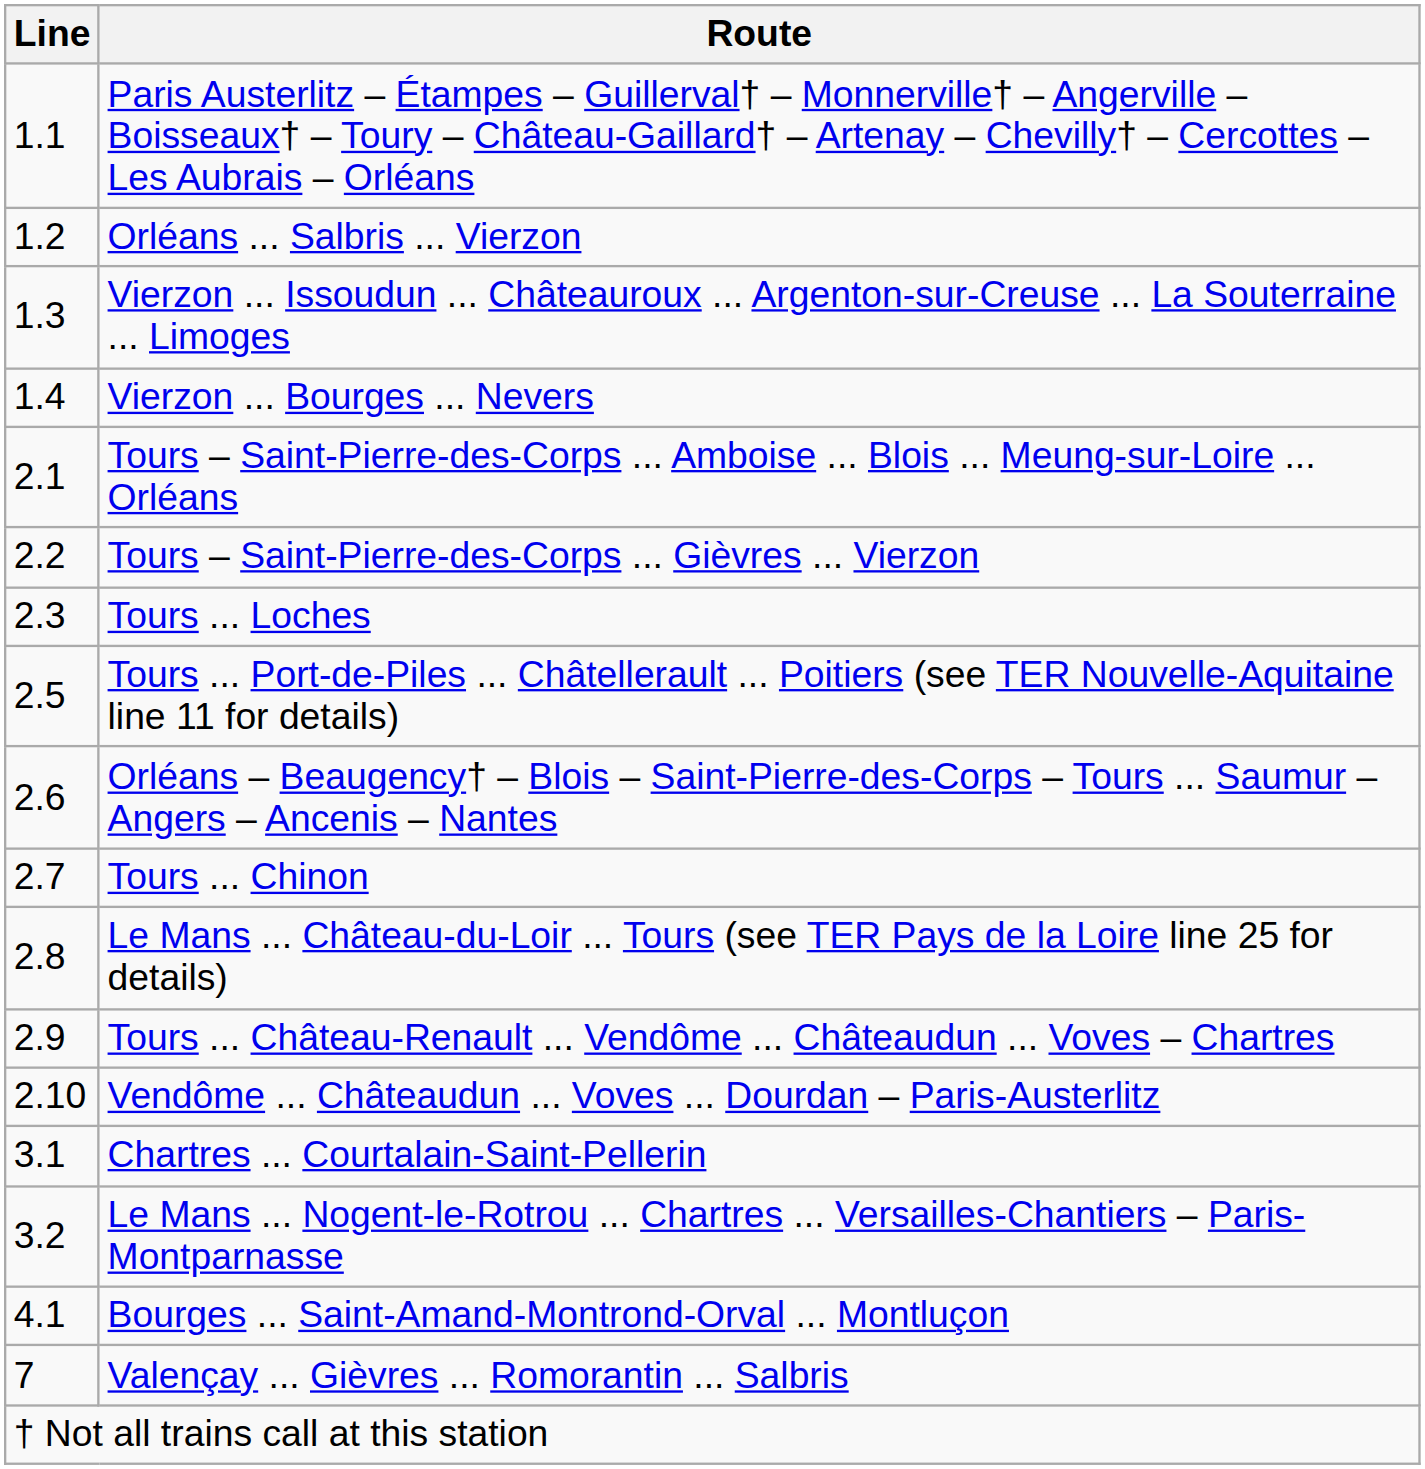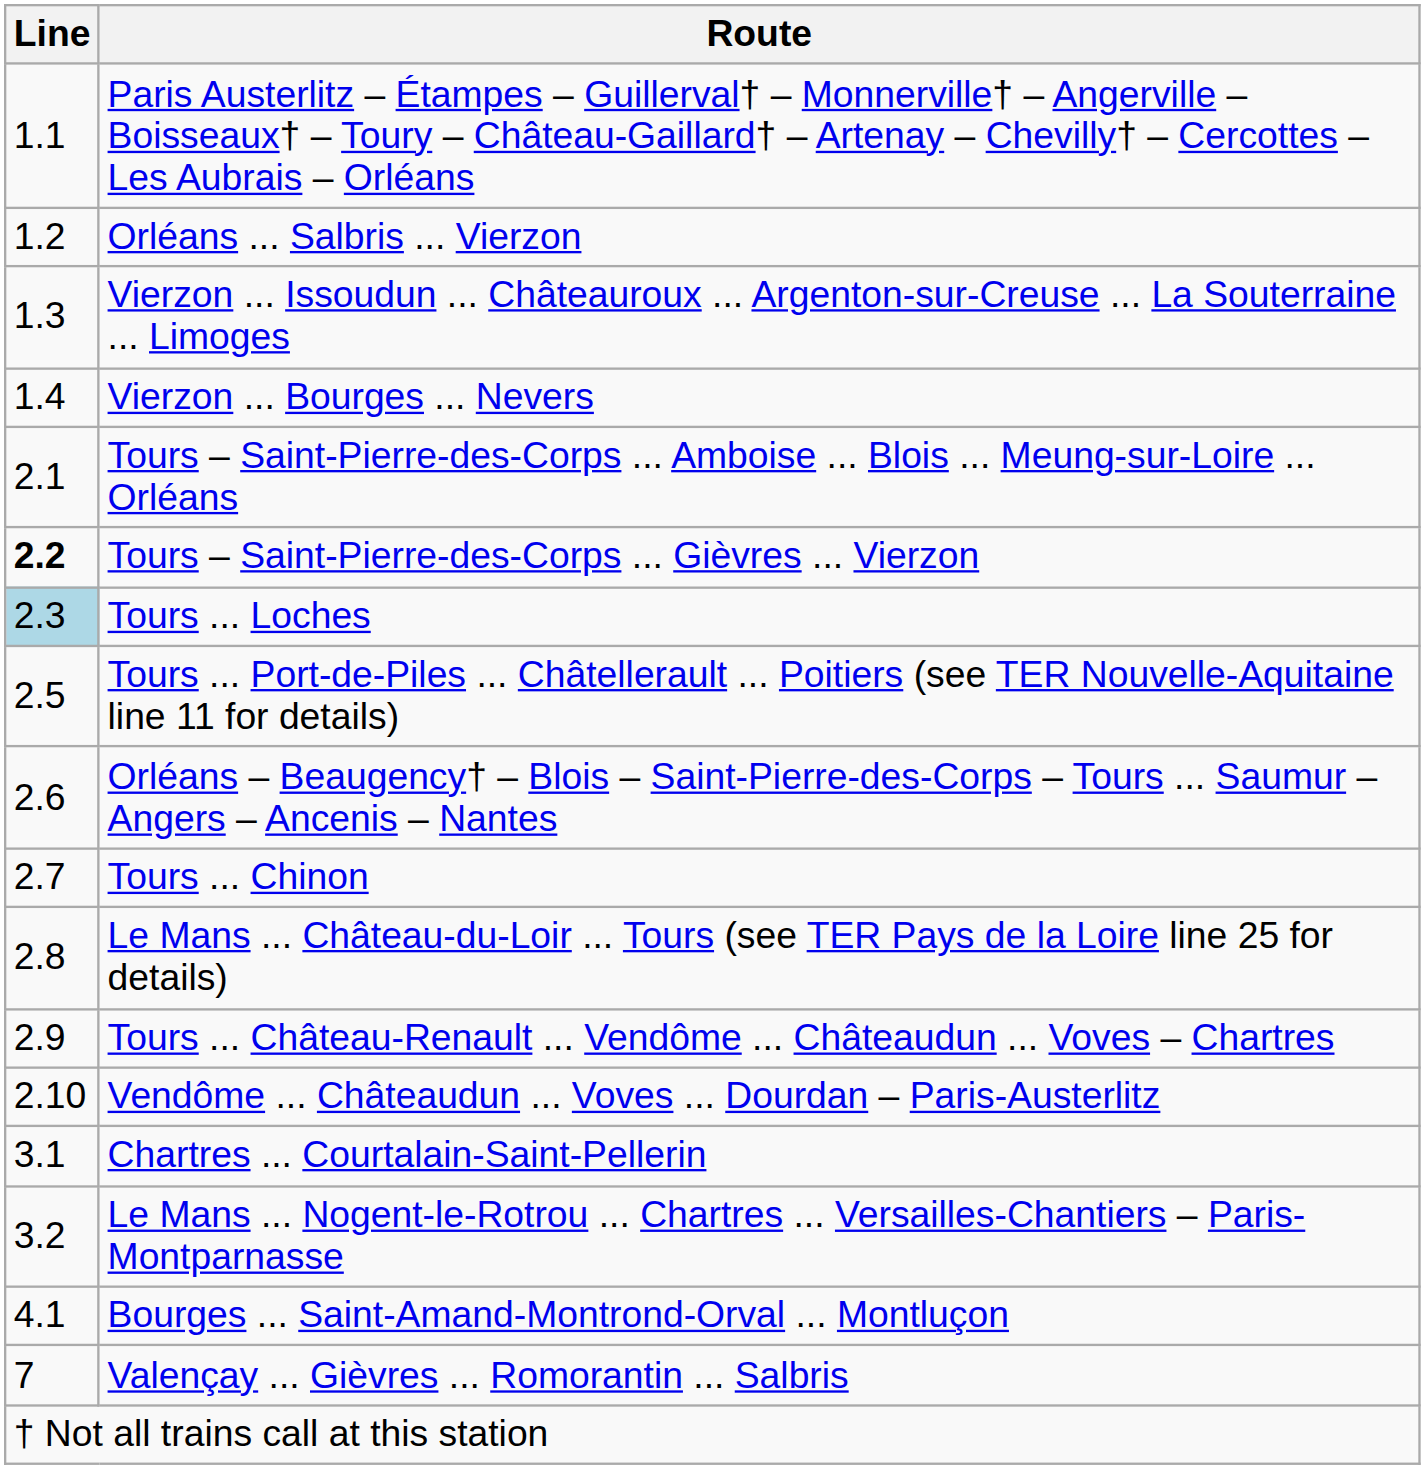 <table class="wikitable vatop">
 <tr>
 <th>Line</th>
 <th>Route</th>
 </tr>
 <tr>
 <td>1.1</td>
 <td><a href='#'>Paris Austerlitz</a> – <a href='#'>Étampes</a> – <a href='#'>Guillerval</a>† – <a href='#'>Monnerville</a>† – <a href='#'>Angerville</a> – <a href='#'>Boisseaux</a>† – <a href='#'>Toury</a> – <a href='#'>Château-Gaillard</a>† – <a href='#'>Artenay</a> – <a href='#'>Chevilly</a>† – <a href='#'>Cercottes</a> – <a href='#'>Les Aubrais</a> – <a href='#'>Orléans</a></td>
 </tr>
 <tr>
 <td>1.2</td>
 <td><a href='#'>Orléans</a> ... <a href='#'>Salbris</a> ... <a href='#'>Vierzon</a></td>
 </tr>
 <tr>
 <td>1.3</td>
 <td><a href='#'>Vierzon</a> ... <a href='#'>Issoudun</a> ... <a href='#'>Châteauroux</a> ... <a href='#'>Argenton-sur-Creuse</a> ... <a href='#'>La Souterraine</a> ... <a href='#'>Limoges</a></td>
 </tr>
 <tr>
 <td>1.4</td>
 <td><a href='#'>Vierzon</a> ... <a href='#'>Bourges</a> ... <a href='#'>Nevers</a></td>
 </tr>
 <tr>
 <td>2.1</td>
 <td><a href='#'>Tours</a> – <a href='#'>Saint-Pierre-des-Corps</a> ... <a href='#'>Amboise</a> ... <a href='#'>Blois</a> ... <a href='#'>Meung-sur-Loire</a> ... <a href='#'>Orléans</a></td>
 </tr>
 <tr>
-<td>2.2</td>
+<td><strong>2.2</strong></td>
 <td><a href='#'>Tours</a> – <a href='#'>Saint-Pierre-des-Corps</a> ... <a href='#'>Gièvres</a> ... <a href='#'>Vierzon</a></td>
 </tr>
 <tr>
-<td>2.3</td>
+<td style="background: lightblue;">2.3</td>
 <td><a href='#'>Tours</a> ... <a href='#'>Loches</a></td>
 </tr>
 <tr>
 <td>2.5</td>
 <td><a href='#'>Tours</a> ... <a href='#'>Port-de-Piles</a> ... <a href='#'>Châtellerault</a> ... <a href='#'>Poitiers</a> (see <a href='#'>TER Nouvelle-Aquitaine</a> line 11 for details)</td>
 </tr>
 <tr>
 <td>2.6</td>
 <td><a href='#'>Orléans</a> – <a href='#'>Beaugency</a>† – <a href='#'>Blois</a> – <a href='#'>Saint-Pierre-des-Corps</a> – <a href='#'>Tours</a> ... <a href='#'>Saumur</a> – <a href='#'>Angers</a> – <a href='#'>Ancenis</a> – <a href='#'>Nantes</a></td>
 </tr>
 <tr>
 <td>2.7</td>
 <td><a href='#'>Tours</a> ... <a href='#'>Chinon</a></td>
 </tr>
 <tr>
 <td>2.8</td>
 <td><a href='#'>Le Mans</a> ... <a href='#'>Château-du-Loir</a> ... <a href='#'>Tours</a> (see <a href='#'>TER Pays de la Loire</a> line 25 for details)</td>
 </tr>
 <tr>
 <td>2.9</td>
 <td><a href='#'>Tours</a> ... <a href='#'>Château-Renault</a> ... <a href='#'>Vendôme</a> ... <a href='#'>Châteaudun</a> ... <a href='#'>Voves</a> – <a href='#'>Chartres</a></td>
 </tr>
 <tr>
 <td>2.10</td>
 <td><a href='#'>Vendôme</a> ... <a href='#'>Châteaudun</a> ... <a href='#'>Voves</a> ... <a href='#'>Dourdan</a> – <a href='#'>Paris-Austerlitz</a></td>
 </tr>
 <tr>
 <td>3.1</td>
 <td><a href='#'>Chartres</a> ... <a href='#'>Courtalain-Saint-Pellerin</a></td>
 </tr>
 <tr>
 <td>3.2</td>
 <td><a href='#'>Le Mans</a> ... <a href='#'>Nogent-le-Rotrou</a> ... <a href='#'>Chartres</a> ... <a href='#'>Versailles-Chantiers</a> – <a href='#'>Paris-Montparnasse</a></td>
 </tr>
 <tr>
 <td>4.1</td>
 <td><a href='#'>Bourges</a> ... <a href='#'>Saint-Amand-Montrond-Orval</a> ... <a href='#'>Montluçon</a></td>
 </tr>
 <tr>
 <td>7</td>
 <td><a href='#'>Valençay</a> ... <a href='#'>Gièvres</a> ... <a href='#'>Romorantin</a> ... <a href='#'>Salbris</a></td>
 </tr>
 <tr>
 <td colspan=2>† Not all trains call at this station</td>
 </tr>
 </table>
